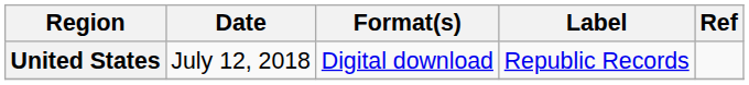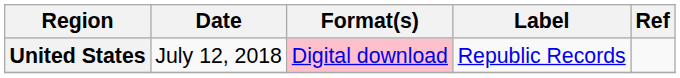 <table class="wikitable plainrowheaders">
 <tr>
 <th scope="col">Region</th>
 <th scope="col">Date</th>
 <th scope="col">Format(s)</th>
 <th scope="col">Label</th>
 <th scope="col">Ref</th>
 </tr>
 <tr>
 <th scope="row">United States</th>
 <td>July 12, 2018</td>
-<td><a href='#'>Digital download</a></td>
+<td style="background: pink;"><a href='#'>Digital download</a></td>
 <td><a href='#'>Republic Records</a></td>
 <td></td>
 </tr>
 <tr>
 </tr>
 </table>
